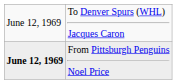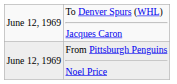 <table class="wikitable">
 <tr>
 <td>June 12, 1969</td>
 <td valign="top">To <a href='#'>Denver Spurs</a> (<a href='#'>WHL</a>)<hr><a href='#'>Jacques Caron</a></td>
 </tr>
 <tr style="background:#eee;">
-<td><strong>June 12, 1969</strong></td>
+<td>June 12, 1969</td>
 <td valign="top">From <a href='#'>Pittsburgh Penguins</a><hr><a href='#'>Noel Price</a></td>
 </tr>
 </table>
